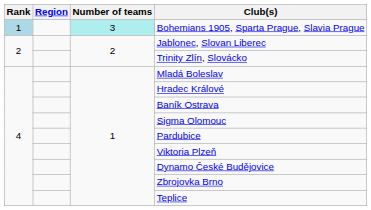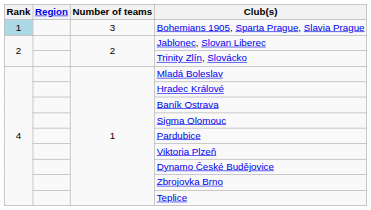 <table class="wikitable">
 <tr>
 <th>Rank</th>
 <th><a href='#'>Region</a></th>
 <th>Number of teams</th>
 <th>Club(s)</th>
 </tr>
 <tr>
 <td align="center" style="background: lightblue;">1</td>
 <td></td>
-<td align="center" style="background: paleturquoise;">3</td>
+<td align="center">3</td>
 <td><a href='#'>Bohemians 1905</a>, <a href='#'>Sparta Prague</a>, <a href='#'>Slavia Prague</a></td>
 </tr>
 <tr>
 <td align="center" rowspan=2>2</td>
 <td></td>
 <td align="center" rowspan=2>2</td>
 <td><a href='#'>Jablonec</a>, <a href='#'>Slovan Liberec</a></td>
 </tr>
 <tr>
 <td></td>
 <td><a href='#'>Trinity Zlín</a>, <a href='#'>Slovácko</a></td>
 </tr>
 <tr>
 <td align="center" rowspan=9>4</td>
 <td></td>
 <td align="center" rowspan=9>1</td>
 <td><a href='#'>Mladá Boleslav</a></td>
 </tr>
 <tr>
 <td></td>
 <td><a href='#'>Hradec Králové</a></td>
 </tr>
 <tr>
 <td></td>
 <td><a href='#'>Baník Ostrava</a></td>
 </tr>
 <tr>
 <td></td>
 <td><a href='#'>Sigma Olomouc</a></td>
 </tr>
 <tr>
 <td></td>
 <td><a href='#'>Pardubice</a></td>
 </tr>
 <tr>
 <td></td>
 <td><a href='#'>Viktoria Plzeň</a></td>
 </tr>
 <tr>
 <td></td>
 <td><a href='#'>Dynamo České Budějovice</a></td>
 </tr>
 <tr>
 <td></td>
 <td><a href='#'>Zbrojovka Brno</a></td>
 </tr>
 <tr>
 <td></td>
 <td><a href='#'>Teplice</a></td>
 </tr>
 </table>
